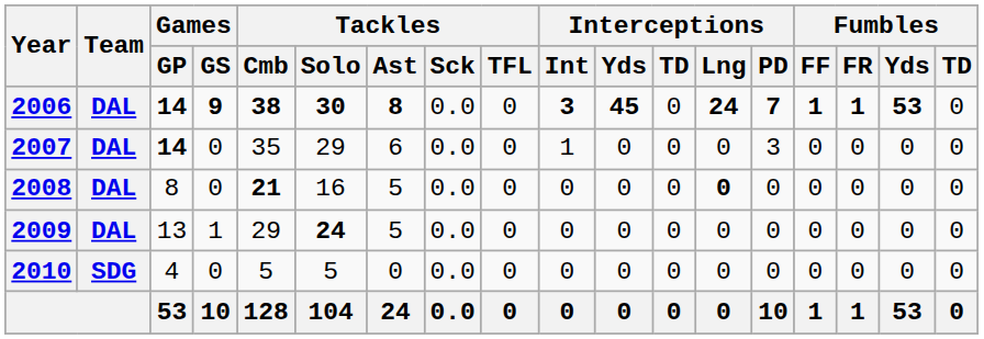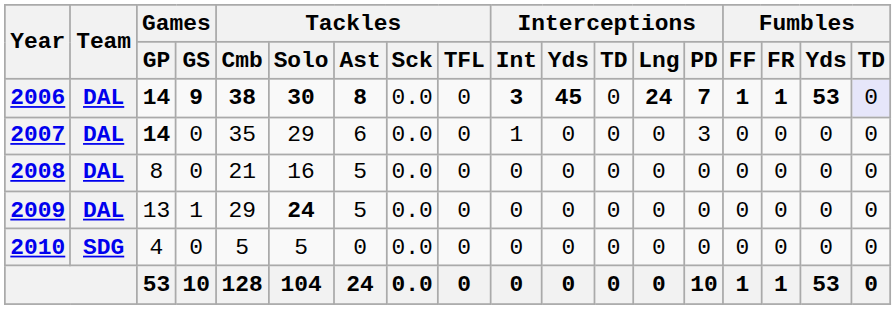 <table class="wikitable" style="text-align:center">
 <tr>
 <th rowspan="2">Year</th>
 <th rowspan="2">Team</th>
 <th colspan="2">Games</th>
 <th colspan="5">Tackles</th>
 <th colspan="5">Interceptions</th>
 <th colspan="4">Fumbles</th>
 </tr>
 <tr>
 <th>GP</th>
 <th>GS</th>
 <th>Cmb</th>
 <th>Solo</th>
 <th>Ast</th>
 <th>Sck</th>
 <th>TFL</th>
 <th>Int</th>
 <th>Yds</th>
 <th>TD</th>
 <th>Lng</th>
 <th>PD</th>
 <th>FF</th>
 <th>FR</th>
 <th>Yds</th>
 <th>TD</th>
 </tr>
 <tr>
 <th><a href='#'>2006</a></th>
 <th><a href='#'>DAL</a></th>
 <td><strong>14</strong></td>
 <td><strong>9</strong></td>
 <td><strong>38</strong></td>
 <td><strong>30</strong></td>
 <td><strong>8</strong></td>
 <td>0.0</td>
 <td>0</td>
 <td><strong>3</strong></td>
 <td><strong>45</strong></td>
 <td>0</td>
 <td><strong>24</strong></td>
 <td><strong>7</strong></td>
 <td><strong>1</strong></td>
 <td><strong>1</strong></td>
 <td><strong>53</strong></td>
-<td>0</td>
+<td style="background: lavender;">0</td>
 </tr>
 <tr>
 <th><a href='#'>2007</a></th>
 <th><a href='#'>DAL</a></th>
 <td><strong>14</strong></td>
 <td>0</td>
 <td>35</td>
 <td>29</td>
 <td>6</td>
 <td>0.0</td>
 <td>0</td>
 <td>1</td>
 <td>0</td>
 <td>0</td>
 <td>0</td>
 <td>3</td>
 <td>0</td>
 <td>0</td>
 <td>0</td>
 <td>0</td>
 </tr>
 <tr>
 <th><a href='#'>2008</a></th>
 <th><a href='#'>DAL</a></th>
 <td>8</td>
 <td>0</td>
-<td><strong>21</strong></td>
+<td>21</td>
 <td>16</td>
 <td>5</td>
 <td>0.0</td>
 <td>0</td>
 <td>0</td>
 <td>0</td>
 <td>0</td>
-<td><strong>0</strong></td>
+<td>0</td>
 <td>0</td>
 <td>0</td>
 <td>0</td>
 <td>0</td>
 <td>0</td>
 </tr>
 <tr>
 <th><a href='#'>2009</a></th>
 <th><a href='#'>DAL</a></th>
 <td>13</td>
 <td>1</td>
 <td>29</td>
 <td><strong>24</strong></td>
 <td>5</td>
 <td>0.0</td>
 <td>0</td>
 <td>0</td>
 <td>0</td>
 <td>0</td>
 <td>0</td>
 <td>0</td>
 <td>0</td>
 <td>0</td>
 <td>0</td>
 <td>0</td>
 </tr>
 <tr>
 <th><a href='#'>2010</a></th>
 <th><a href='#'>SDG</a></th>
 <td>4</td>
 <td>0</td>
 <td>5</td>
 <td>5</td>
 <td>0</td>
 <td>0.0</td>
 <td>0</td>
 <td>0</td>
 <td>0</td>
 <td>0</td>
 <td>0</td>
 <td>0</td>
 <td>0</td>
 <td>0</td>
 <td>0</td>
 <td>0</td>
 </tr>
 <tr>
 <th colspan="2"></th>
 <th>53</th>
 <th>10</th>
 <th>128</th>
 <th>104</th>
 <th>24</th>
 <th>0.0</th>
 <th>0</th>
 <th>0</th>
 <th>0</th>
 <th>0</th>
 <th>0</th>
 <th>10</th>
 <th>1</th>
 <th>1</th>
 <th>53</th>
 <th>0</th>
 </tr>
 </table>
